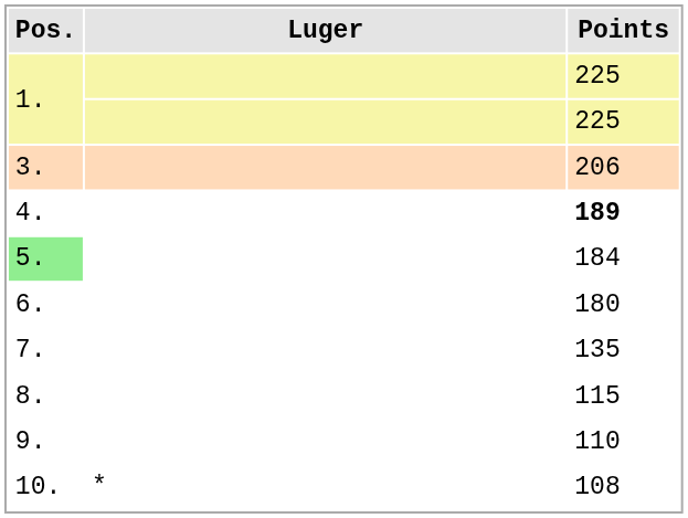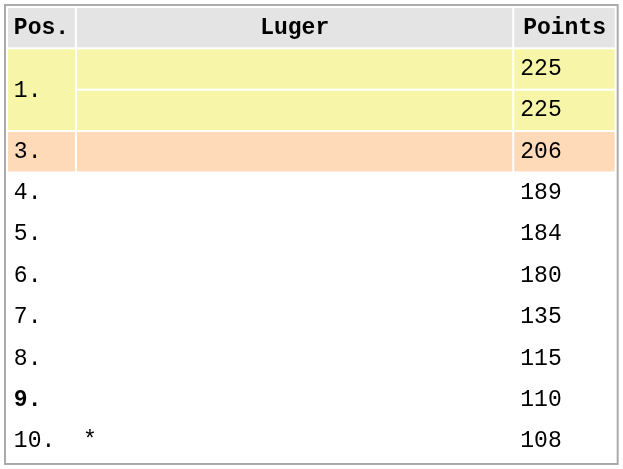 <table cellspacing="1" cellpadding="3" style="border:1px solid #aaa; font-size:90%;">
 <tr style="background:#e4e4e4;">
 <th style="width:10px;">Pos.</th>
 <th style="width:215px;">Luger</th>
 <th style="width:45px;">Points</th>
 </tr>
 <tr style="background:#f7f6a8;">
 <td rowspan=2>1.</td>
 <td align="left"><strong></strong></td>
 <td>225</td>
 </tr>
 <tr style="background:#f7f6a8;">
 <td align="left"><strong></strong></td>
 <td>225</td>
 </tr>
 <tr style="background:#ffdab9;">
 <td>3.</td>
 <td align="left"></td>
 <td>206</td>
 </tr>
 <tr>
 <td>4.</td>
 <td align="left"></td>
-<td><strong>189</strong></td>
+<td>189</td>
 </tr>
 <tr>
-<td style="background: lightgreen;">5.</td>
+<td>5.</td>
 <td align="left"></td>
 <td>184</td>
 </tr>
 <tr>
 <td>6.</td>
 <td align="left"></td>
 <td>180</td>
 </tr>
 <tr>
 <td>7.</td>
 <td align="left"></td>
 <td>135</td>
 </tr>
 <tr>
 <td>8.</td>
 <td align="left"></td>
 <td>115</td>
 </tr>
 <tr>
-<td>9.</td>
+<td><strong>9.</strong></td>
 <td align="left"></td>
 <td>110</td>
 </tr>
 <tr>
 <td>10.</td>
 <td align="left">*</td>
 <td>108</td>
 </tr>
 </table>
